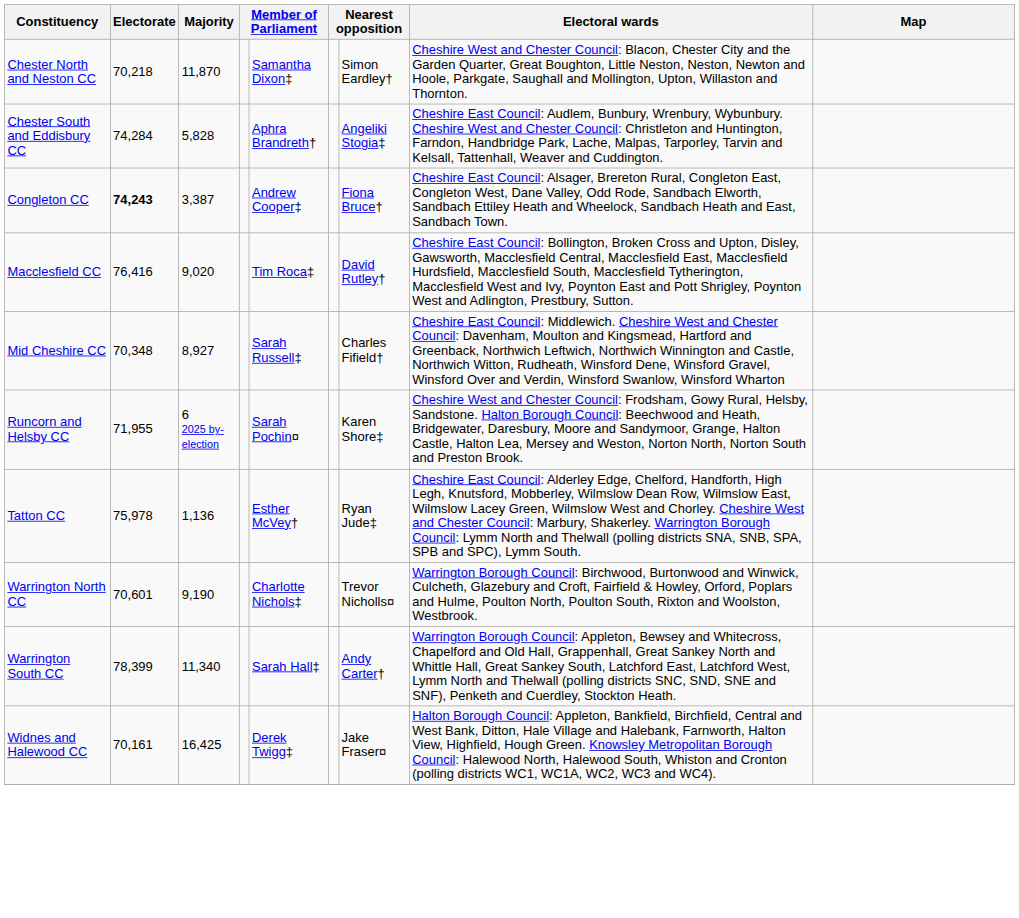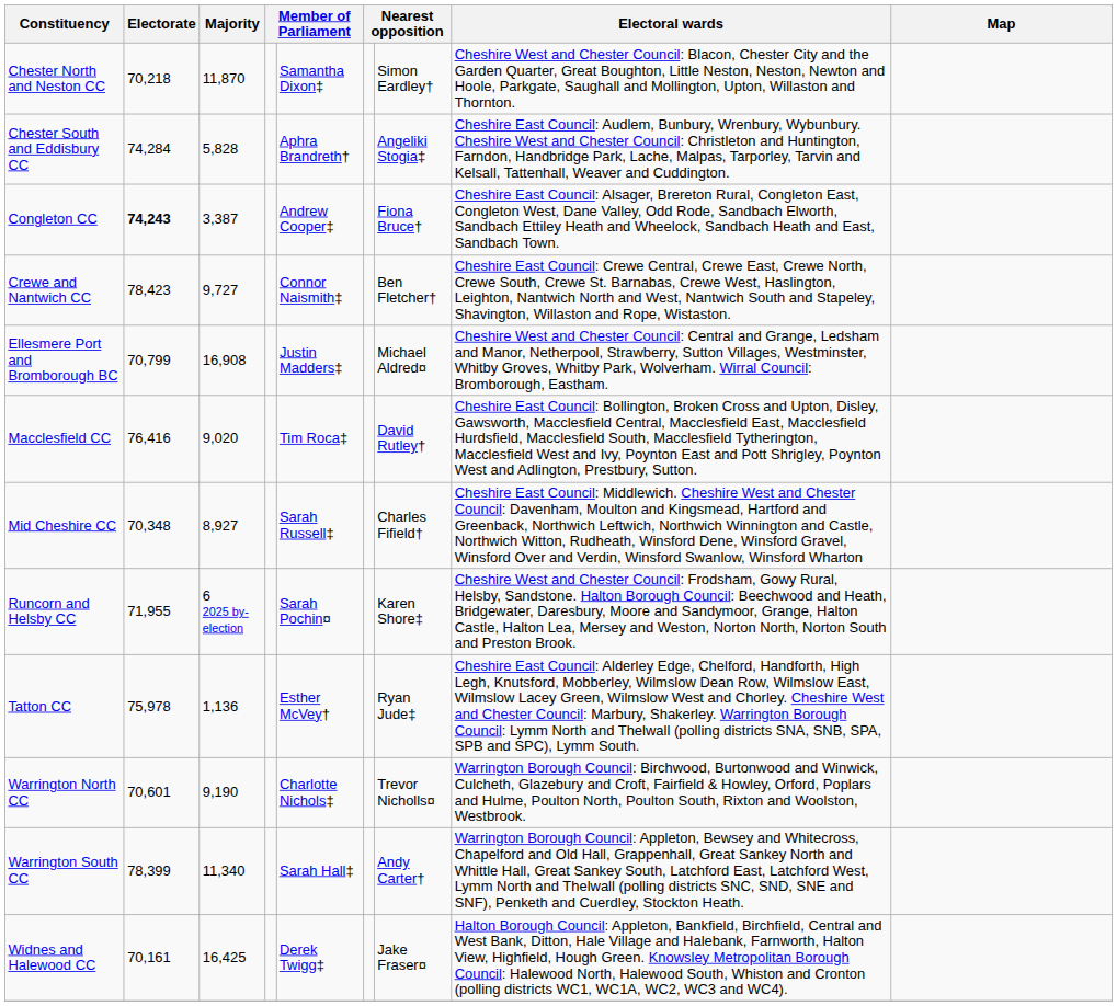 <table class="wikitable sortable">
 <tr>
 <th rowspan="1">Constituency</th>
 <th rowspan="1">Electorate</th>
 <th rowspan="1">Majority</th>
 <th class="unsortable" colspan="2"><a href='#'>Member of Parliament</a></th>
 <th class="unsortable" colspan="2">Nearest opposition</th>
 <th class="unsortable" rowspan="1">Electoral wards</th>
 <th class="unsortable" rowspan="1" style="width:20%;">Map</th>
 </tr>
 <tr>
 <td><a href='#'>Chester North and Neston CC</a></td>
 <td>70,218</td>
 <td>11,870</td>
 <td style="color:inherit;background:"> </td>
 <td><a href='#'>Samantha Dixon</a>‡</td>
 <td style="color:inherit;background:"> </td>
 <td>Simon Eardley†</td>
 <td><a href='#'>Cheshire West and Chester Council</a>: Blacon, Chester City and the Garden Quarter, Great Boughton, Little Neston, Neston, Newton and Hoole, Parkgate, Saughall and Mollington, Upton, Willaston and Thornton.</td>
 <td></td>
 </tr>
 <tr>
 <td><a href='#'>Chester South and Eddisbury CC</a></td>
 <td>74,284</td>
 <td>5,828</td>
 <td style="color:inherit;background:"> </td>
 <td><a href='#'>Aphra Brandreth</a>†</td>
 <td style="color:inherit;background:"> </td>
 <td><a href='#'>Angeliki Stogia</a>‡</td>
 <td><a href='#'>Cheshire East Council</a>: Audlem, Bunbury, Wrenbury, Wybunbury. <a href='#'>Cheshire West and Chester Council</a>: Christleton and Huntington, Farndon, Handbridge Park, Lache, Malpas, Tarporley, Tarvin and Kelsall, Tattenhall, Weaver and Cuddington.</td>
 <td></td>
 </tr>
 <tr>
 <td><a href='#'>Congleton CC</a></td>
 <td><strong>74,243</strong></td>
 <td>3,387</td>
 <td style="color:inherit;background:"> </td>
 <td><a href='#'>Andrew Cooper</a>‡</td>
 <td style="color:inherit;background:"> </td>
 <td><a href='#'>Fiona Bruce</a>†</td>
 <td><a href='#'>Cheshire East Council</a>: Alsager, Brereton Rural, Congleton East, Congleton West, Dane Valley, Odd Rode, Sandbach Elworth, Sandbach Ettiley Heath and Wheelock, Sandbach Heath and East, Sandbach Town.</td>
+<td></td>
+</tr>
+<tr>
+<td><a href='#'>Crewe and Nantwich CC</a></td>
+<td>78,423</td>
+<td>9,727</td>
+<td style="color:inherit;background:"> </td>
+<td><a href='#'>Connor Naismith</a>‡</td>
+<td style="color:inherit;background:"> </td>
+<td>Ben Fletcher†</td>
+<td><a href='#'>Cheshire East Council</a>: Crewe Central, Crewe East, Crewe North, Crewe South, Crewe St. Barnabas, Crewe West, Haslington, Leighton, Nantwich North and West, Nantwich South and Stapeley, Shavington, Willaston and Rope, Wistaston.</td>
+<td></td>
+</tr>
+<tr>
+<td><a href='#'>Ellesmere Port and Bromborough BC</a></td>
+<td>70,799</td>
+<td>16,908</td>
+<td style="color:inherit;background:"> </td>
+<td><a href='#'>Justin Madders</a>‡</td>
+<td style="color:inherit;background:"> </td>
+<td>Michael Aldred¤</td>
+<td><a href='#'>Cheshire West and Chester Council</a>: Central and Grange, Ledsham and Manor, Netherpool, Strawberry, Sutton Villages, Westminster, Whitby Groves, Whitby Park, Wolverham. <a href='#'>Wirral Council</a>: Bromborough, Eastham.</td>
 <td></td>
 </tr>
 <tr>
 <td><a href='#'>Macclesfield CC</a></td>
 <td>76,416</td>
 <td>9,020</td>
 <td style="color:inherit;background:"> </td>
 <td><a href='#'>Tim Roca</a>‡</td>
 <td style="color:inherit;background:"> </td>
 <td><a href='#'>David Rutley</a>†</td>
 <td><a href='#'>Cheshire East Council</a>: Bollington, Broken Cross and Upton, Disley, Gawsworth, Macclesfield Central, Macclesfield East, Macclesfield Hurdsfield, Macclesfield South, Macclesfield Tytherington, Macclesfield West and Ivy, Poynton East and Pott Shrigley, Poynton West and Adlington, Prestbury, Sutton.</td>
 <td></td>
 </tr>
 <tr>
 <td><a href='#'>Mid Cheshire CC</a></td>
 <td>70,348</td>
 <td>8,927</td>
 <td style="color:inherit;background:"> </td>
 <td><a href='#'>Sarah Russell</a>‡</td>
 <td style="color:inherit;background:"> </td>
 <td>Charles Fifield†</td>
 <td><a href='#'>Cheshire East Council</a>: Middlewich. <a href='#'>Cheshire West and Chester Council</a>: Davenham, Moulton and Kingsmead, Hartford and Greenback, Northwich Leftwich, Northwich Winnington and Castle, Northwich Witton, Rudheath, Winsford Dene, Winsford Gravel, Winsford Over and Verdin, Winsford Swanlow, Winsford Wharton</td>
 <td></td>
 </tr>
 <tr>
 <td><a href='#'>Runcorn and Helsby CC</a></td>
 <td>71,955</td>
 <td>6<br><small><a href='#'>2025 by-election</a></small></td>
 <td style="color:inherit;background:"> </td>
 <td><a href='#'>Sarah Pochin</a>¤</td>
 <td style="color:inherit;background:"> </td>
 <td>Karen Shore‡</td>
 <td><a href='#'>Cheshire West and Chester Council</a>: Frodsham, Gowy Rural, Helsby, Sandstone. <a href='#'>Halton Borough Council</a>: Beechwood and Heath, Bridgewater, Daresbury, Moore and Sandymoor, Grange, Halton Castle, Halton Lea, Mersey and Weston, Norton North, Norton South and Preston Brook.</td>
 <td></td>
 </tr>
 <tr>
 <td><a href='#'>Tatton CC</a></td>
 <td>75,978</td>
 <td>1,136</td>
 <td style="color:inherit;background:"> </td>
 <td><a href='#'>Esther McVey</a>†</td>
 <td style="color:inherit;background:"> </td>
 <td>Ryan Jude‡</td>
 <td><a href='#'>Cheshire East Council</a>: Alderley Edge, Chelford, Handforth, High Legh, Knutsford, Mobberley, Wilmslow Dean Row, Wilmslow East, Wilmslow Lacey Green, Wilmslow West and Chorley. <a href='#'>Cheshire West and Chester Council</a>: Marbury, Shakerley. <a href='#'>Warrington Borough Council</a>: Lymm North and Thelwall (polling districts SNA, SNB, SPA, SPB and SPC), Lymm South.</td>
 <td></td>
 </tr>
 <tr>
 <td><a href='#'>Warrington North CC</a></td>
 <td>70,601</td>
 <td>9,190</td>
 <td style="color:inherit;background:"> </td>
 <td><a href='#'>Charlotte Nichols</a>‡</td>
 <td style="color:inherit;background:"> </td>
 <td>Trevor Nicholls¤</td>
 <td><a href='#'>Warrington Borough Council</a>: Birchwood, Burtonwood and Winwick, Culcheth, Glazebury and Croft, Fairfield & Howley, Orford, Poplars and Hulme, Poulton North, Poulton South, Rixton and Woolston, Westbrook.</td>
 <td></td>
 </tr>
 <tr>
 <td><a href='#'>Warrington South CC</a></td>
 <td>78,399</td>
 <td>11,340</td>
 <td style="color:inherit;background:"> </td>
 <td><a href='#'>Sarah Hall</a>‡</td>
 <td style="color:inherit;background:"> </td>
 <td><a href='#'>Andy Carter</a>†</td>
 <td><a href='#'>Warrington Borough Council</a>: Appleton, Bewsey and Whitecross, Chapelford and Old Hall, Grappenhall, Great Sankey North and Whittle Hall, Great Sankey South, Latchford East, Latchford West, Lymm North and Thelwall (polling districts SNC, SND, SNE and SNF), Penketh and Cuerdley, Stockton Heath.</td>
 <td></td>
 </tr>
 <tr>
 <td><a href='#'>Widnes and Halewood CC</a></td>
 <td>70,161</td>
 <td>16,425</td>
 <td style="color:inherit;background:"> </td>
 <td><a href='#'>Derek Twigg</a>‡</td>
 <td style="color:inherit;background:"> </td>
 <td>Jake Fraser¤</td>
 <td><a href='#'>Halton Borough Council</a>: Appleton, Bankfield, Birchfield, Central and West Bank, Ditton, Hale Village and Halebank, Farnworth, Halton View, Highfield, Hough Green. <a href='#'>Knowsley Metropolitan Borough Council</a>: Halewood North, Halewood South, Whiston and Cronton (polling districts WC1, WC1A, WC2, WC3 and WC4).</td>
 <td></td>
 </tr>
 <tr>
 </tr>
 </table>
